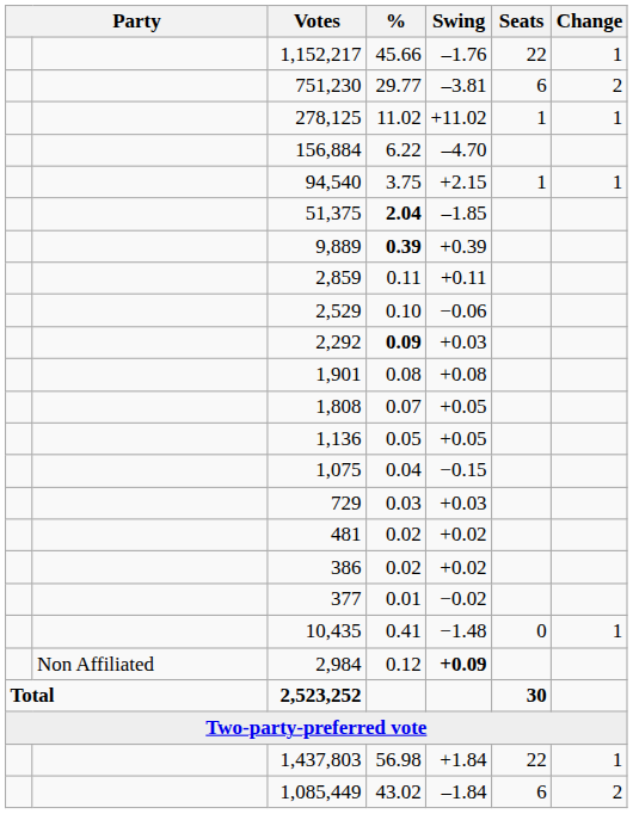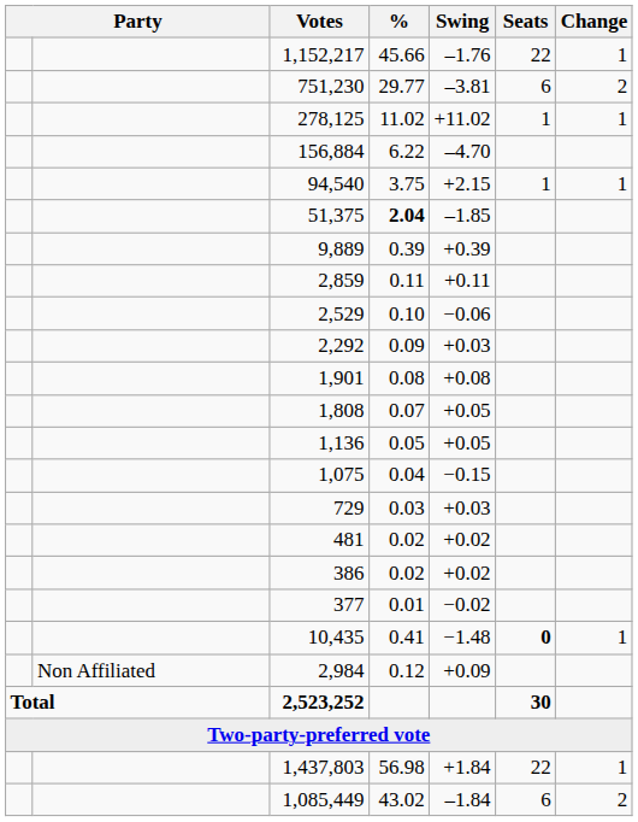 <table class="wikitable">
 <tr>
 <th style="width:200px" colspan=2><strong>Party</strong></th>
 <th style="width:70px; text-align:center;"><strong>Votes</strong></th>
 <th style="width:40px; text-align:center;"><strong>%</strong></th>
 <th style="width:40px; text-align:center;"><strong>Swing</strong></th>
 <th style="width:40px; text-align:center;"><strong>Seats</strong></th>
 <th style="width:40px; text-align:center;"><strong>Change</strong></th>
 </tr>
 <tr>
 <td> </td>
 <td></td>
 <td align=right>1,152,217</td>
 <td align=right>45.66</td>
 <td align=right>–1.76</td>
 <td align=right>22</td>
 <td align=right> 1</td>
 </tr>
 <tr>
 <td> </td>
 <td></td>
 <td align=right>751,230</td>
 <td align=right>29.77</td>
 <td align=right>–3.81</td>
 <td align=right>6</td>
 <td align=right> 2</td>
 </tr>
 <tr>
 <td> </td>
 <td></td>
 <td align=right>278,125</td>
 <td align=right>11.02</td>
 <td align=right>+11.02</td>
 <td align=right>1</td>
 <td align=right> 1</td>
 </tr>
 <tr>
 <td> </td>
 <td></td>
 <td align=right>156,884</td>
 <td align=right>6.22</td>
 <td align=right>–4.70</td>
 <td align=right></td>
 <td align=right></td>
 </tr>
 <tr>
 <td> </td>
 <td></td>
 <td align=right>94,540</td>
 <td align=right>3.75</td>
 <td align=right>+2.15</td>
 <td align=right>1</td>
 <td align=right> 1</td>
 </tr>
 <tr>
 <td> </td>
 <td></td>
 <td align=right>51,375</td>
 <td align=right><strong>2.04</strong></td>
 <td align=right>–1.85</td>
 <td align=right></td>
 <td align=right></td>
 </tr>
 <tr>
 <td> </td>
 <td></td>
 <td align=right>9,889</td>
-<td align=right><strong>0.39</strong></td>
+<td align=right>0.39</td>
 <td align=right>+0.39</td>
 <td align=right></td>
 <td align=right></td>
 </tr>
 <tr>
 <td> </td>
 <td></td>
 <td align=right>2,859</td>
 <td align=right>0.11</td>
 <td align=right>+0.11</td>
 <td align=right></td>
 <td align=right></td>
 </tr>
 <tr>
 <td> </td>
 <td></td>
 <td align=right>2,529</td>
 <td align=right>0.10</td>
 <td align=right>−0.06</td>
 <td align=right></td>
 <td align=right></td>
 </tr>
 <tr>
 <td> </td>
 <td></td>
 <td align=right>2,292</td>
-<td align=right><strong>0.09</strong></td>
+<td align=right>0.09</td>
 <td align=right>+0.03</td>
 <td align=right></td>
 <td align=right></td>
 </tr>
 <tr>
 <td> </td>
 <td></td>
 <td align=right>1,901</td>
 <td align=right>0.08</td>
 <td align=right>+0.08</td>
 <td align=right></td>
 <td align=right></td>
 </tr>
 <tr>
 <td> </td>
 <td></td>
 <td align=right>1,808</td>
 <td align=right>0.07</td>
 <td align=right>+0.05</td>
 <td align=right></td>
 <td align=right></td>
 </tr>
 <tr>
 <td> </td>
 <td></td>
 <td align=right>1,136</td>
 <td align=right>0.05</td>
 <td align=right>+0.05</td>
 <td align=right></td>
 <td align=right></td>
 </tr>
 <tr>
 <td> </td>
 <td></td>
 <td align=right>1,075</td>
 <td align=right>0.04</td>
 <td align=right>−0.15</td>
 <td align=right></td>
 <td align=right></td>
 </tr>
 <tr>
 <td> </td>
 <td></td>
 <td align=right>729</td>
 <td align=right>0.03</td>
 <td align=right>+0.03</td>
 <td align=right></td>
 <td align=right></td>
 </tr>
 <tr>
 <td> </td>
 <td></td>
 <td align=right>481</td>
 <td align=right>0.02</td>
 <td align=right>+0.02</td>
 <td align=right></td>
 <td align=right></td>
 </tr>
 <tr>
 <td> </td>
 <td></td>
 <td align=right>386</td>
 <td align=right>0.02</td>
 <td align=right>+0.02</td>
 <td align=right></td>
 <td align=right></td>
 </tr>
 <tr>
 <td> </td>
 <td></td>
 <td align=right>377</td>
 <td align=right>0.01</td>
 <td align=right>−0.02</td>
 <td align=right></td>
 <td align=right></td>
 </tr>
 <tr>
 <td> </td>
 <td></td>
 <td align=right>10,435</td>
 <td align=right>0.41</td>
 <td align=right>−1.48</td>
-<td align=right>0</td>
+<td align=right><strong>0</strong></td>
 <td align=right> 1</td>
 </tr>
 <tr>
 <td> </td>
 <td>Non Affiliated</td>
 <td align=right>2,984</td>
 <td align=right>0.12</td>
-<td align=right><strong>+0.09</strong></td>
+<td align=right>+0.09</td>
 <td align=right></td>
 <td align=right></td>
 </tr>
 <tr>
 <td colspan=2><strong>Total</strong></td>
 <td align=right><strong>2,523,252</strong></td>
 <td align=right> </td>
 <td align=right> </td>
 <td align=right><strong>30</strong></td>
 <td align=right></td>
 </tr>
 <tr>
 <td colspan="7" style="text-align:center; background:#eee;"><strong><a href='#'>Two-party-preferred vote</a></strong></td>
 </tr>
 <tr>
 <td> </td>
 <td></td>
 <td align=right>1,437,803</td>
 <td align=right>56.98</td>
 <td align=right>+1.84</td>
 <td align=right>22</td>
 <td align=right> 1</td>
 </tr>
 <tr>
 <td> </td>
 <td></td>
 <td align=right>1,085,449</td>
 <td align=right>43.02</td>
 <td align=right>–1.84</td>
 <td align=right>6</td>
 <td align=right> 2</td>
 </tr>
 </table>
